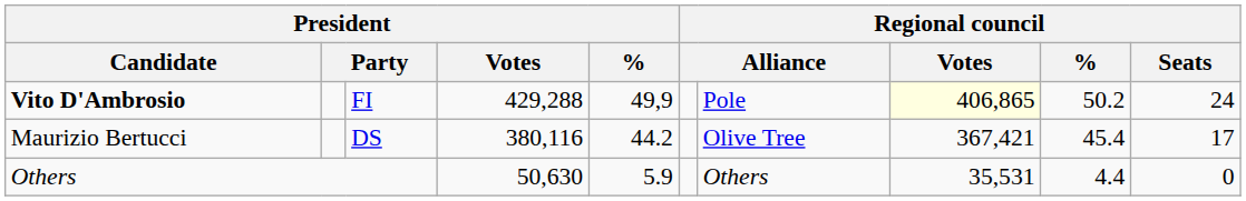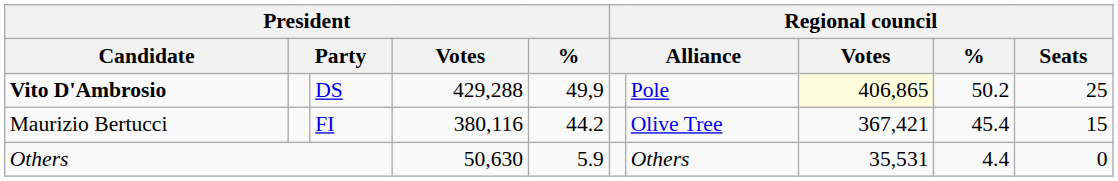 <table class="wikitable" style="text-align:right; style="width=65%">
 <tr>
 <th colspan="5">President</th>
 <th colspan="7">Regional council</th>
 </tr>
 <tr>
 <th>Candidate</th>
 <th colspan="2">Party</th>
 <th>Votes</th>
 <th>%</th>
 <th colspan="2">Alliance</th>
 <th>Votes</th>
 <th>%</th>
 <th>Seats</th>
 </tr>
 <tr>
 <td style="text-align:left"><strong>Vito D'Ambrosio</strong></td>
 <td></td>
-<td style="text-align:left"><a href='#'>FI</a></td>
+<td style="text-align:left"><a href='#'>DS</a></td>
 <td>429,288</td>
 <td>49,9</td>
 <td></td>
 <td style="text-align:left"><a href='#'>Pole</a></td>
 <td style="background: lightyellow;">406,865</td>
 <td>50.2</td>
-<td>24</td>
+<td>25</td>
 </tr>
 <tr>
 <td style="text-align:left">Maurizio Bertucci</td>
 <td></td>
-<td style="text-align:left"><a href='#'>DS</a></td>
+<td style="text-align:left"><a href='#'>FI</a></td>
 <td>380,116</td>
 <td>44.2</td>
 <td></td>
 <td style="text-align:left"><a href='#'>Olive Tree</a></td>
 <td>367,421</td>
 <td>45.4</td>
-<td>17</td>
+<td>15</td>
 </tr>
 <tr>
 <td colspan="3" style="text-align:left"><em>Others</em></td>
 <td>50,630</td>
 <td>5.9</td>
 <td></td>
 <td style="text-align:left"><em>Others</em></td>
 <td>35,531</td>
 <td>4.4</td>
 <td>0</td>
 </tr>
 </table>
